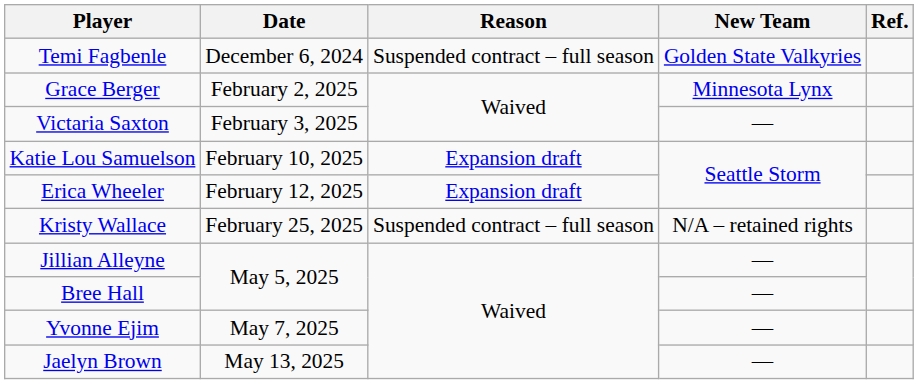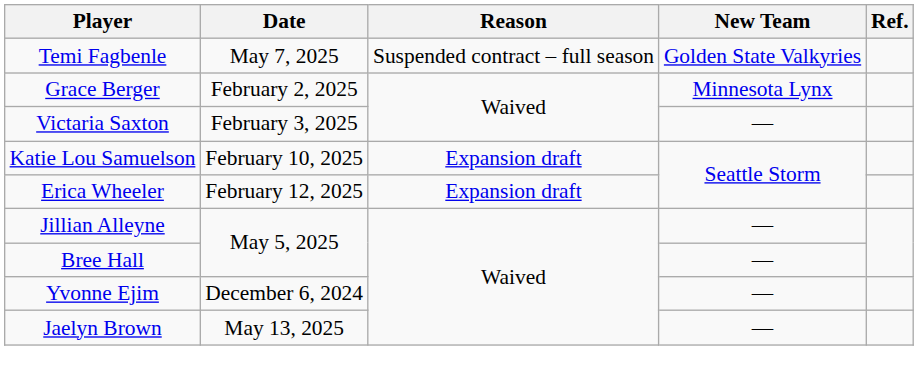 <table class="wikitable sortable" style="text-align: center">
 <tr>
 <th>Player</th>
 <th>Date</th>
 <th>Reason</th>
 <th>New Team</th>
 <th>Ref.</th>
 </tr>
 <tr>
 <td><a href='#'>Temi Fagbenle</a></td>
-<td>December 6, 2024</td>
+<td>May 7, 2025</td>
 <td>Suspended contract – full season</td>
 <td><a href='#'>Golden State Valkyries</a></td>
 <td></td>
 </tr>
 <tr>
 <td><a href='#'>Grace Berger</a></td>
 <td>February 2, 2025</td>
 <td rowspan=2>Waived</td>
 <td><a href='#'>Minnesota Lynx</a></td>
 <td></td>
 </tr>
 <tr>
 <td><a href='#'>Victaria Saxton</a></td>
 <td>February 3, 2025</td>
 <td>—</td>
 <td></td>
 </tr>
 <tr>
 <td><a href='#'>Katie Lou Samuelson</a></td>
 <td>February 10, 2025</td>
 <td><a href='#'>Expansion draft</a></td>
 <td rowspan=2><a href='#'>Seattle Storm</a></td>
 <td></td>
 </tr>
 <tr>
 <td><a href='#'>Erica Wheeler</a></td>
 <td>February 12, 2025</td>
 <td><a href='#'>Expansion draft</a></td>
 <td></td>
 </tr>
 <tr>
-<td><a href='#'>Kristy Wallace</a></td>
-<td>February 25, 2025</td>
-<td>Suspended contract – full season</td>
-<td>N/A – retained rights</td>
-<td></td>
-</tr>
-<tr>
 <td><a href='#'>Jillian Alleyne</a></td>
 <td rowspan=2>May 5, 2025</td>
 <td rowspan="4">Waived</td>
 <td>—</td>
 <td rowspan=2></td>
 </tr>
 <tr>
 <td><a href='#'>Bree Hall</a></td>
 <td>—</td>
 </tr>
 <tr>
 <td><a href='#'>Yvonne Ejim</a></td>
-<td>May 7, 2025</td>
+<td>December 6, 2024</td>
 <td>—</td>
 <td></td>
 </tr>
 <tr>
 <td><a href='#'>Jaelyn Brown</a></td>
 <td>May 13, 2025</td>
 <td>—</td>
 <td></td>
 </tr>
 </table>
